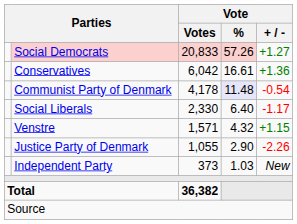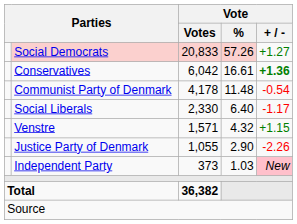 <table class="wikitable" style="text-align:right;">
 <tr>
 <th style="text-align:centre;" rowspan="2" colspan="2" width="225">Parties</th>
 <th colspan="3">Vote</th>
 </tr>
 <tr>
 <th width="15">Votes</th>
 <th width="15">%</th>
 <th width="15">+ / -</th>
 </tr>
 <tr>
 <td width="2" style="color:inherit;background:"></td>
 <td bgcolor=#fbd0ce  align="left"><a href='#'>Social Democrats</a></td>
 <td bgcolor=#fbd0ce>20,833</td>
 <td bgcolor=#fbd0ce>57.26</td>
 <td style=color:green;>+1.27</td>
 </tr>
 <tr>
 <td width="2" style="color:inherit;background:"></td>
 <td align="left"><a href='#'>Conservatives</a></td>
 <td>6,042</td>
 <td>16.61</td>
-<td style=color:green;>+1.36</td>
+<td style=color:green;><strong>+1.36</strong></td>
 </tr>
 <tr>
 <td width="2" style="color:inherit;background:"></td>
 <td align="left"><a href='#'>Communist Party of Denmark</a></td>
 <td>4,178</td>
-<td style="background: lavender;">11.48</td>
+<td>11.48</td>
 <td style=color:red;>-0.54</td>
 </tr>
 <tr>
 <td width="2" style="color:inherit;background:"></td>
 <td align="left"><a href='#'>Social Liberals</a></td>
 <td>2,330</td>
 <td>6.40</td>
 <td style=color:red;>-1.17</td>
 </tr>
 <tr>
 <td width="2" style="color:inherit;background:"></td>
 <td align="left"><a href='#'>Venstre</a></td>
 <td>1,571</td>
 <td>4.32</td>
 <td style=color:green;>+1.15</td>
 </tr>
 <tr>
 <td width="2" style="color:inherit;background:"></td>
 <td align="left"><a href='#'>Justice Party of Denmark</a></td>
 <td>1,055</td>
 <td>2.90</td>
 <td style=color:red;>-2.26</td>
 </tr>
 <tr>
 <td width="2" style="color:inherit;background:"></td>
 <td align="left"><a href='#'>Independent Party</a></td>
 <td>373</td>
 <td>1.03</td>
-<td><em>New</em></td>
+<td style="background: pink;"><em>New</em></td>
 </tr>
 <tr>
 <td colspan="7" bgcolor="#E9E9E9"></td>
 </tr>
 <tr>
 <td align="left" colspan="2"><strong>Total</strong></td>
 <td><strong>36,382</strong></td>
 <td bgcolor="#E9E9E9" colspan="2"></td>
 </tr>
 <tr>
 <td align="left" colspan="6">Source</td>
 </tr>
 </table>
